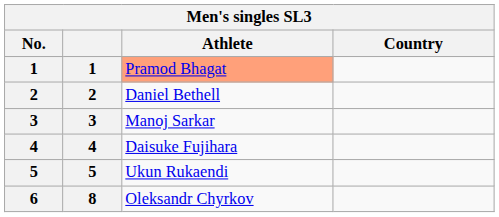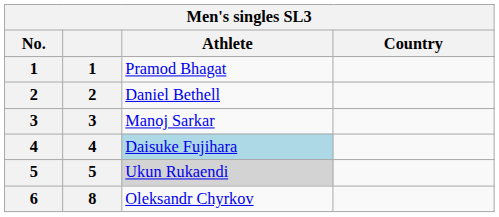 <table class="wikitable">
 <tr>
 <th colspan="4">Men's singles SL3</th>
 </tr>
 <tr>
 <th width="50">No.</th>
 <th width="50"></th>
 <th width="200">Athlete</th>
 <th width="150">Country</th>
 </tr>
 <tr>
 <th>1</th>
 <th>1</th>
-<td style="background: lightsalmon;"><a href='#'>Pramod Bhagat</a></td>
+<td><a href='#'>Pramod Bhagat</a></td>
 <td></td>
 </tr>
 <tr>
 <th>2</th>
 <th>2</th>
 <td><a href='#'>Daniel Bethell</a></td>
 <td></td>
 </tr>
 <tr>
 <th>3</th>
 <th>3</th>
 <td><a href='#'>Manoj Sarkar</a></td>
 <td></td>
 </tr>
 <tr>
 <th>4</th>
 <th>4</th>
-<td><a href='#'>Daisuke Fujihara</a></td>
+<td style="background: lightblue;"><a href='#'>Daisuke Fujihara</a></td>
 <td></td>
 </tr>
 <tr>
 <th>5</th>
 <th>5</th>
-<td><a href='#'>Ukun Rukaendi</a></td>
+<td style="background: lightgrey;"><a href='#'>Ukun Rukaendi</a></td>
 <td></td>
 </tr>
 <tr>
 <th>6</th>
 <th>8</th>
 <td><a href='#'>Oleksandr Chyrkov</a></td>
 <td></td>
 </tr>
 </table>
